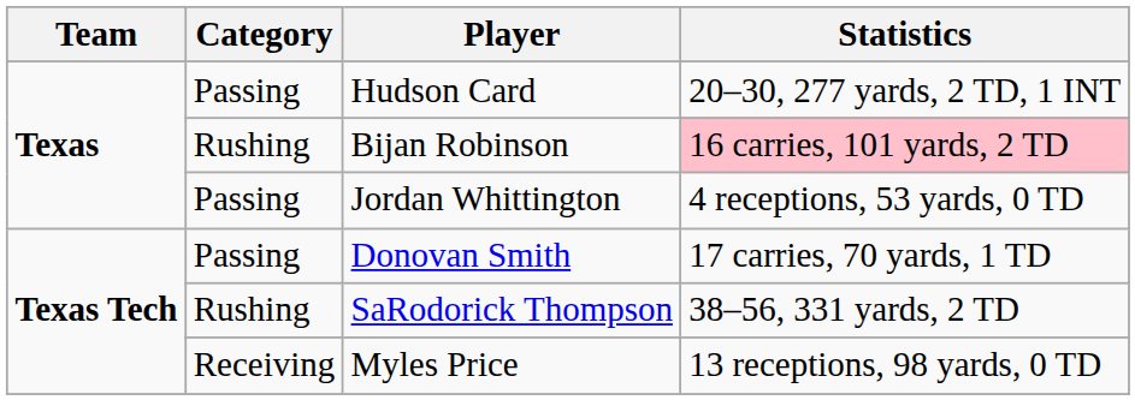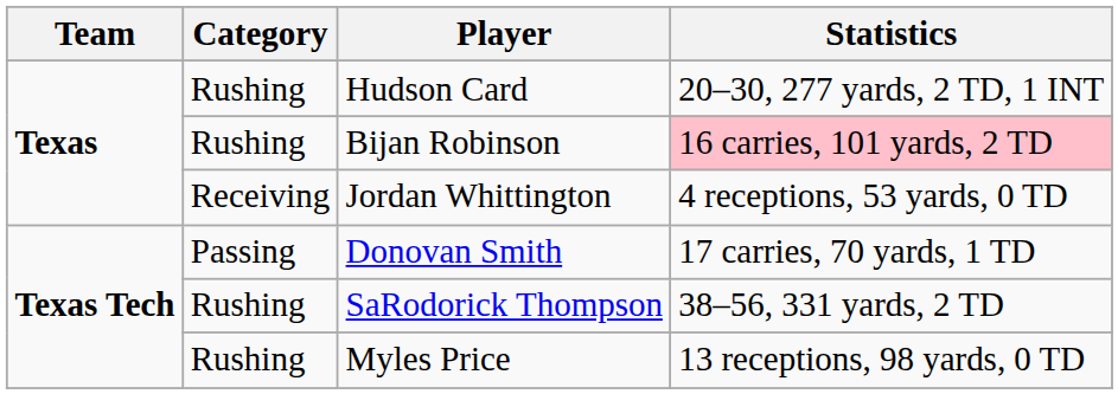 <table class="wikitable" style="float: right;">
 <tr>
 <th>Team</th>
 <th>Category</th>
 <th>Player</th>
 <th>Statistics</th>
 </tr>
 <tr>
 <td rowspan=3><strong>Texas</strong></td>
-<td>Passing</td>
+<td>Rushing</td>
 <td>Hudson Card</td>
 <td>20–30, 277 yards, 2 TD, 1 INT</td>
 </tr>
 <tr>
 <td>Rushing</td>
 <td>Bijan Robinson</td>
 <td style="background: pink;">16 carries, 101 yards, 2 TD</td>
 </tr>
 <tr>
-<td>Passing</td>
+<td>Receiving</td>
 <td>Jordan Whittington</td>
 <td>4 receptions, 53 yards, 0 TD</td>
 </tr>
 <tr>
 <td rowspan=3><strong>Texas Tech</strong></td>
 <td>Passing</td>
 <td><a href='#'>Donovan Smith</a></td>
 <td>17 carries, 70 yards, 1 TD</td>
 </tr>
 <tr>
 <td>Rushing</td>
 <td><a href='#'>SaRodorick Thompson</a></td>
 <td>38–56, 331 yards, 2 TD</td>
 </tr>
 <tr>
-<td>Receiving</td>
+<td>Rushing</td>
 <td>Myles Price</td>
 <td>13 receptions, 98 yards, 0 TD</td>
 </tr>
 </table>
